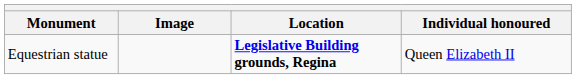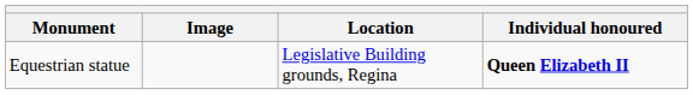 <table class="wikitable" style="width:100%">
 <tr>
 <th colspan="9" align="left"></th>
 </tr>
 <tr>
 <th width="20%">Monument</th>
 <th width="20%">Image</th>
 <th width="30%">Location</th>
 <th width="30%">Individual honoured</th>
 </tr>
 <tr>
 <td>Equestrian statue</td>
 <td></td>
-<td><strong><a href='#'>Legislative Building</a> grounds, Regina</strong></td>
-<td>Queen <a href='#'>Elizabeth II</a></td>
+<td><a href='#'>Legislative Building</a> grounds, Regina</td>
+<td><strong>Queen <a href='#'>Elizabeth II</a></strong></td>
 </tr>
 </table>
